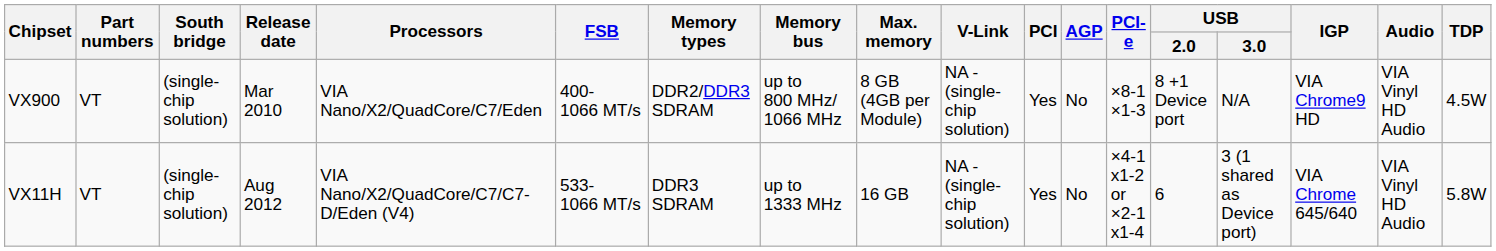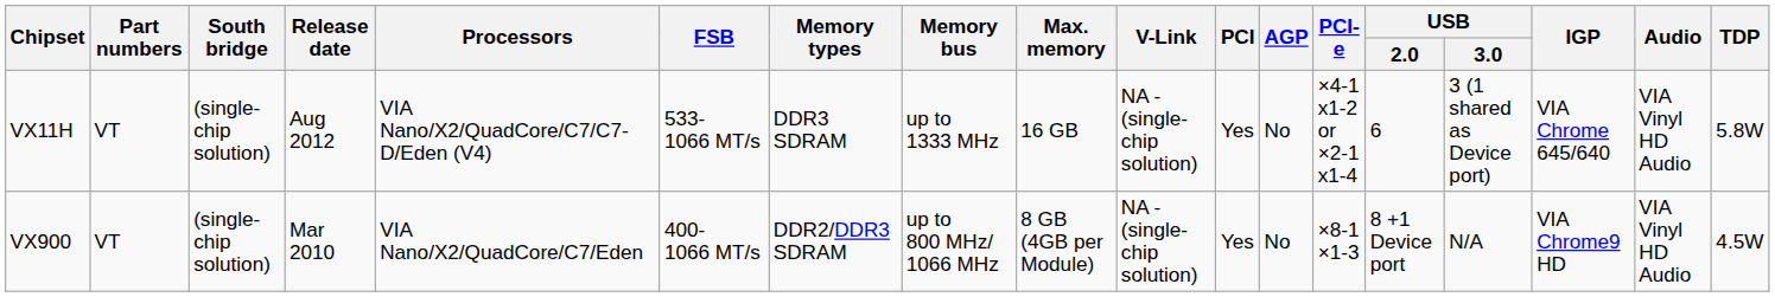 <table class="wikitable" style="font-size: 90%;">
 <tr>
 <th rowspan="2">Chipset</th>
 <th rowspan="2">Part numbers</th>
 <th rowspan="2">South bridge</th>
 <th rowspan="2">Release date</th>
 <th rowspan="2">Processors</th>
 <th rowspan="2"><a href='#'>FSB</a></th>
 <th rowspan="2">Memory types</th>
 <th rowspan="2">Memory bus</th>
 <th rowspan="2">Max. memory</th>
 <th rowspan="2">V-Link</th>
 <th rowspan="2">PCI</th>
 <th rowspan="2"><a href='#'>AGP</a></th>
 <th rowspan="2"><a href='#'>PCI-e</a></th>
 <th colspan="2">USB</th>
 <th rowspan="2">IGP</th>
 <th rowspan="2">Audio</th>
 <th rowspan="2">TDP</th>
 </tr>
 <tr>
 <th>2.0</th>
 <th>3.0</th>
 </tr>
 <tr>
+<td>VX11H</td>
+<td>VT</td>
+<td>(single-chip solution)</td>
+<td>Aug 2012</td>
+<td>VIA Nano/X2/QuadCore/C7/C7-D/Eden (V4)</td>
+<td>533-1066 MT/s</td>
+<td>DDR3 SDRAM</td>
+<td>up to 1333 MHz</td>
+<td>16 GB</td>
+<td>NA - (single-chip solution)</td>
+<td>Yes</td>
+<td>No</td>
+<td>×4-1<br>x1-2  or<br>×2-1<br>x1-4</td>
+<td>6</td>
+<td>3 (1 shared as Device port)</td>
+<td>VIA <a href='#'>Chrome</a> 645/640</td>
+<td>VIA Vinyl HD Audio</td>
+<td>5.8W</td>
+</tr>
+<tr>
 <td>VX900</td>
 <td>VT</td>
 <td>(single-chip solution)</td>
 <td>Mar 2010</td>
 <td>VIA Nano/X2/QuadCore/C7/Eden</td>
 <td>400-1066 MT/s</td>
 <td>DDR2/<a href='#'>DDR3</a> SDRAM</td>
 <td>up to 800 MHz/ 1066 MHz</td>
 <td>8 GB (4GB per Module)</td>
 <td>NA - (single-chip solution)</td>
 <td>Yes</td>
 <td>No</td>
 <td>×8-1<br>×1-3</td>
 <td>8 +1 Device  port</td>
 <td>N/A</td>
 <td>VIA <a href='#'>Chrome9</a> HD</td>
 <td>VIA Vinyl HD Audio</td>
 <td>4.5W</td>
 </tr>
-<tr>
-<td>VX11H</td>
-<td>VT</td>
-<td>(single-chip solution)</td>
-<td>Aug 2012</td>
-<td>VIA Nano/X2/QuadCore/C7/C7-D/Eden (V4)</td>
-<td>533-1066 MT/s</td>
-<td>DDR3 SDRAM</td>
-<td>up to 1333 MHz</td>
-<td>16 GB</td>
-<td>NA - (single-chip solution)</td>
-<td>Yes</td>
-<td>No</td>
-<td>×4-1<br>x1-2  or<br>×2-1<br>x1-4</td>
-<td>6</td>
-<td>3 (1 shared as Device port)</td>
-<td>VIA <a href='#'>Chrome</a> 645/640</td>
-<td>VIA Vinyl HD Audio</td>
-<td>5.8W</td>
-</tr>
 </table>
